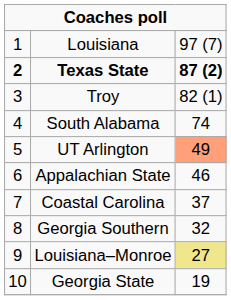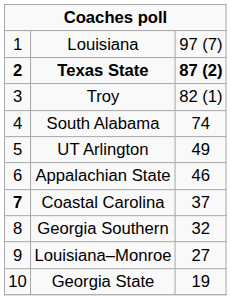 <table class="wikitable">
 <tr align="center">
 <td align="center" Colspan="3"><strong>Coaches poll</strong></td>
 </tr>
 <tr align="center">
 </tr>
 <tr align="center">
 <td>1</td>
 <td>Louisiana</td>
 <td>97 (7)</td>
 </tr>
 <tr align="center">
 <td><strong>2</strong></td>
 <td><strong>Texas State</strong></td>
 <td><strong>87 (2)</strong></td>
 </tr>
 <tr align="center">
 <td>3</td>
 <td>Troy</td>
 <td>82 (1)</td>
 </tr>
 <tr align="center">
 <td>4</td>
 <td>South Alabama</td>
 <td>74</td>
 </tr>
 <tr align="center">
 <td>5</td>
 <td>UT Arlington</td>
-<td style="background: lightsalmon;">49</td>
+<td>49</td>
 </tr>
 <tr align="center">
 <td>6</td>
 <td>Appalachian State</td>
 <td>46</td>
 </tr>
 <tr align="center">
-<td>7</td>
+<td><strong>7</strong></td>
 <td>Coastal Carolina</td>
 <td>37</td>
 </tr>
 <tr align="center">
 <td>8</td>
 <td>Georgia Southern</td>
 <td>32</td>
 </tr>
 <tr align="center">
 <td>9</td>
 <td>Louisiana–Monroe</td>
-<td style="background: khaki;">27</td>
+<td>27</td>
 </tr>
 <tr align="center">
 <td>10</td>
 <td>Georgia State</td>
 <td>19</td>
 </tr>
 <tr align="center">
 </tr>
 </table>
